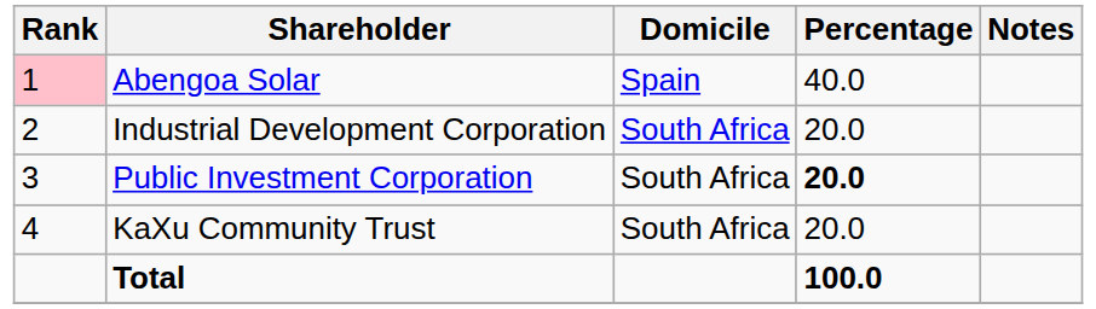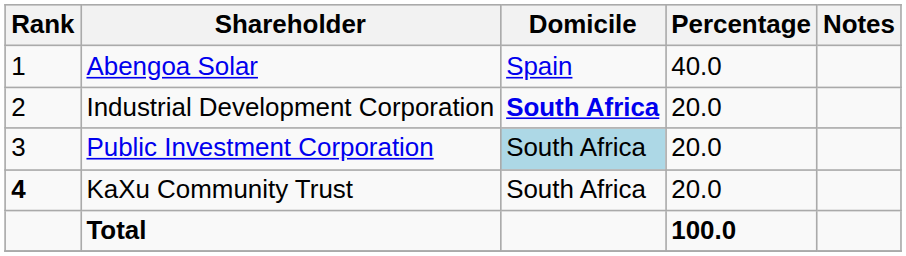 <table class="wikitable sortable" style="margin: 0.5em auto">
 <tr>
 <th>Rank</th>
 <th>Shareholder</th>
 <th>Domicile</th>
 <th>Percentage</th>
 <th>Notes</th>
 </tr>
 <tr>
-<td style="background: pink;">1</td>
+<td>1</td>
 <td><a href='#'>Abengoa Solar</a></td>
 <td><a href='#'>Spain</a></td>
 <td>40.0</td>
 <td></td>
 </tr>
 <tr>
 <td>2</td>
 <td>Industrial Development Corporation</td>
-<td><a href='#'>South Africa</a></td>
+<td><strong><a href='#'>South Africa</a></strong></td>
 <td>20.0</td>
 <td></td>
 </tr>
 <tr>
 <td>3</td>
 <td><a href='#'>Public Investment Corporation</a></td>
-<td>South Africa</td>
-<td><strong>20.0</strong></td>
+<td style="background: lightblue;">South Africa</td>
+<td>20.0</td>
 <td></td>
 </tr>
 <tr>
-<td>4</td>
+<td><strong>4</strong></td>
 <td>KaXu Community Trust</td>
 <td>South Africa</td>
 <td>20.0</td>
 <td></td>
 </tr>
 <tr>
 <td></td>
 <td><strong>Total</strong></td>
 <td></td>
 <td><strong>100.0</strong></td>
 <td></td>
 </tr>
 <tr>
 </tr>
 </table>
